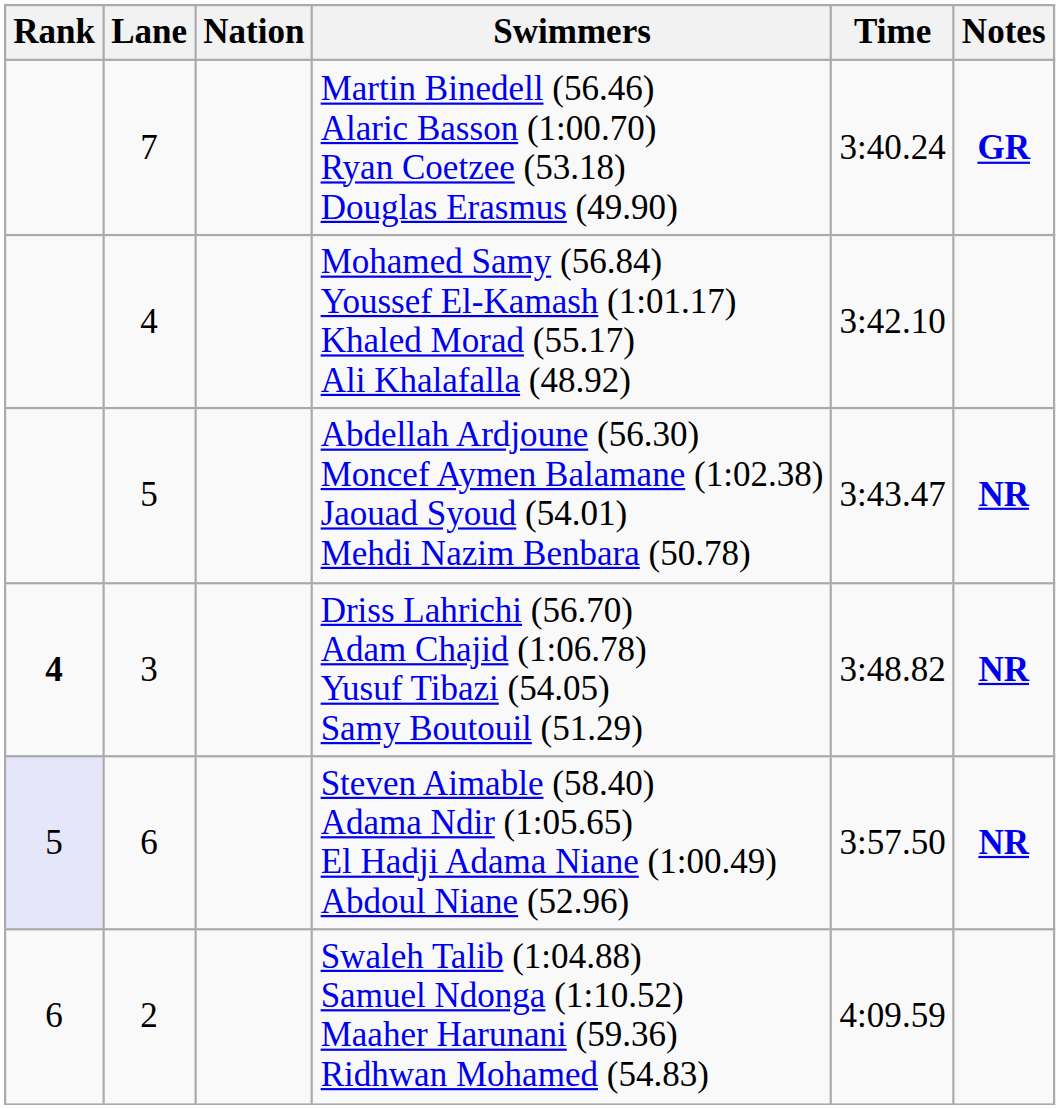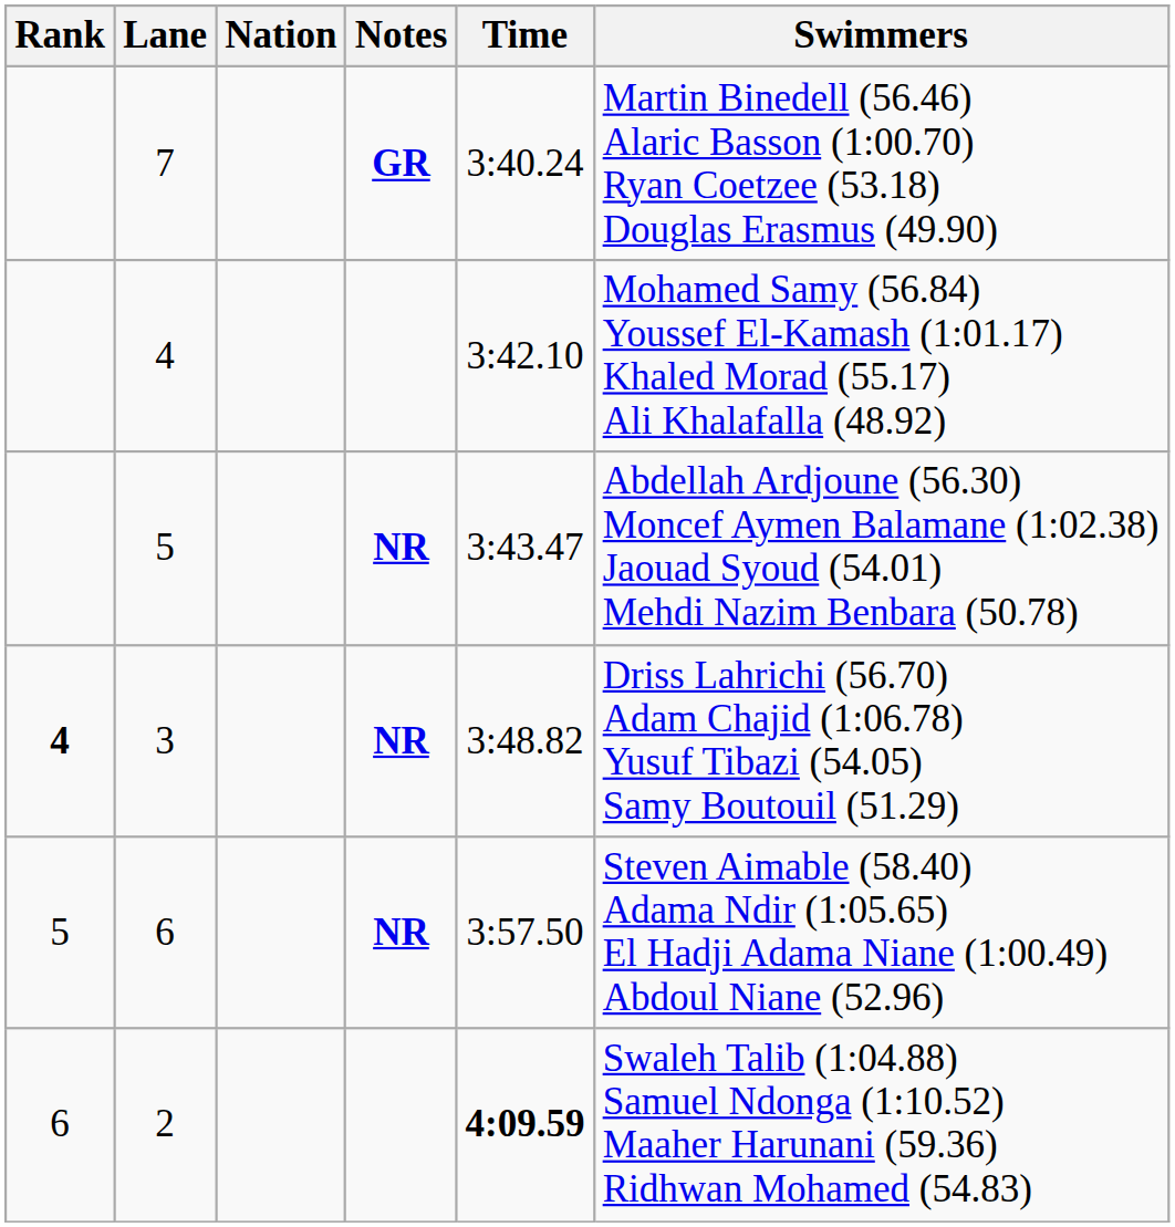 <table class="wikitable sortable" style="text-align:center">
 <tr>
 <th>Rank</th>
 <th>Lane</th>
 <th>Nation</th>
+<th>Notes</th>
+<th>Time</th>
 <th>Swimmers</th>
-<th>Time</th>
-<th>Notes</th>
 </tr>
 <tr>
 <td></td>
 <td>7</td>
 <td align=left></td>
+<td><strong><a href='#'>GR</a></strong></td>
+<td>3:40.24</td>
 <td align=left><a href='#'>Martin Binedell</a> (56.46)<br><a href='#'>Alaric Basson</a> (1:00.70)<br><a href='#'>Ryan Coetzee</a> (53.18)<br><a href='#'>Douglas Erasmus</a> (49.90)</td>
-<td>3:40.24</td>
-<td><strong><a href='#'>GR</a></strong></td>
 </tr>
 <tr>
 <td></td>
 <td>4</td>
 <td align=left></td>
+<td></td>
+<td>3:42.10</td>
 <td align=left><a href='#'>Mohamed Samy</a> (56.84)<br><a href='#'>Youssef El-Kamash</a> (1:01.17)<br><a href='#'>Khaled Morad</a> (55.17)<br><a href='#'>Ali Khalafalla</a> (48.92)</td>
-<td>3:42.10</td>
-<td></td>
 </tr>
 <tr>
 <td></td>
 <td>5</td>
 <td align="left"></td>
+<td><strong><a href='#'>NR</a></strong></td>
+<td>3:43.47</td>
 <td align=left><a href='#'>Abdellah Ardjoune</a> (56.30)<br><a href='#'>Moncef Aymen Balamane</a> (1:02.38)<br><a href='#'>Jaouad Syoud</a> (54.01)<br><a href='#'>Mehdi Nazim Benbara</a> (50.78)</td>
-<td>3:43.47</td>
-<td><strong><a href='#'>NR</a></strong></td>
 </tr>
 <tr>
 <td><strong>4</strong></td>
 <td>3</td>
 <td align="left"></td>
+<td><strong><a href='#'>NR</a></strong></td>
+<td>3:48.82</td>
 <td align=left><a href='#'>Driss Lahrichi</a> (56.70)<br><a href='#'>Adam Chajid</a> (1:06.78)<br><a href='#'>Yusuf Tibazi</a> (54.05)<br><a href='#'>Samy Boutouil</a> (51.29)</td>
-<td>3:48.82</td>
-<td><strong><a href='#'>NR</a></strong></td>
 </tr>
 <tr>
-<td style="background: lavender;">5</td>
+<td>5</td>
 <td>6</td>
 <td align=left></td>
+<td><strong><a href='#'>NR</a></strong></td>
+<td>3:57.50</td>
 <td align=left><a href='#'>Steven Aimable</a> (58.40)<br><a href='#'>Adama Ndir</a> (1:05.65)<br><a href='#'>El Hadji Adama Niane</a> (1:00.49)<br><a href='#'>Abdoul Niane</a> (52.96)</td>
-<td>3:57.50</td>
-<td><strong><a href='#'>NR</a></strong></td>
 </tr>
 <tr>
 <td>6</td>
 <td>2</td>
 <td align=left></td>
+<td></td>
+<td><strong>4:09.59</strong></td>
 <td align=left><a href='#'>Swaleh Talib</a> (1:04.88)<br><a href='#'>Samuel Ndonga</a> (1:10.52)<br><a href='#'>Maaher Harunani</a> (59.36)<br><a href='#'>Ridhwan Mohamed</a> (54.83)</td>
-<td>4:09.59</td>
-<td></td>
 </tr>
 </table>
